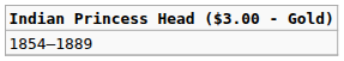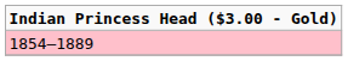 <table class="wikitable">
 <tr>
 <td><strong>Indian Princess Head ($3.00 - Gold)</strong></td>
 </tr>
 <tr>
-<td>1854–1889</td>
+<td style="background: pink;">1854–1889</td>
 </tr>
 <tr>
 </tr>
 </table>
